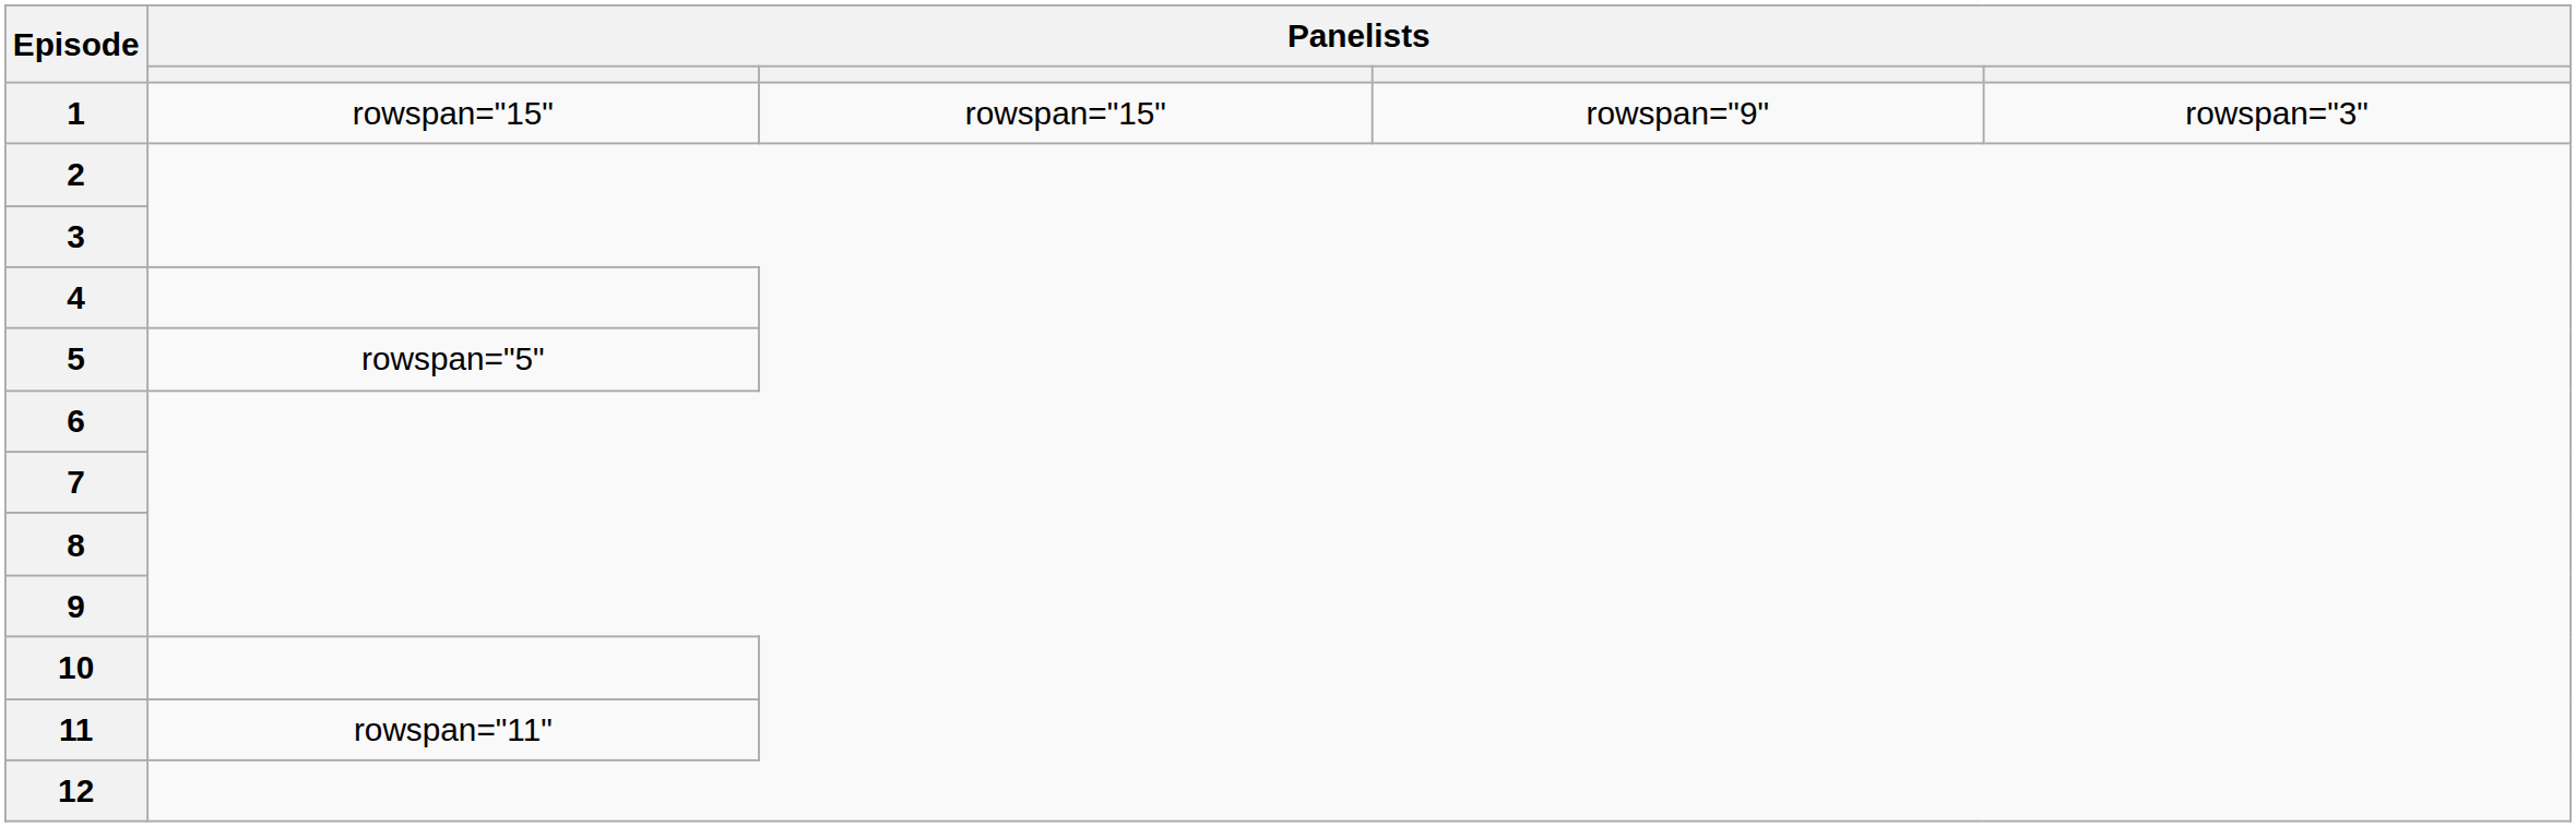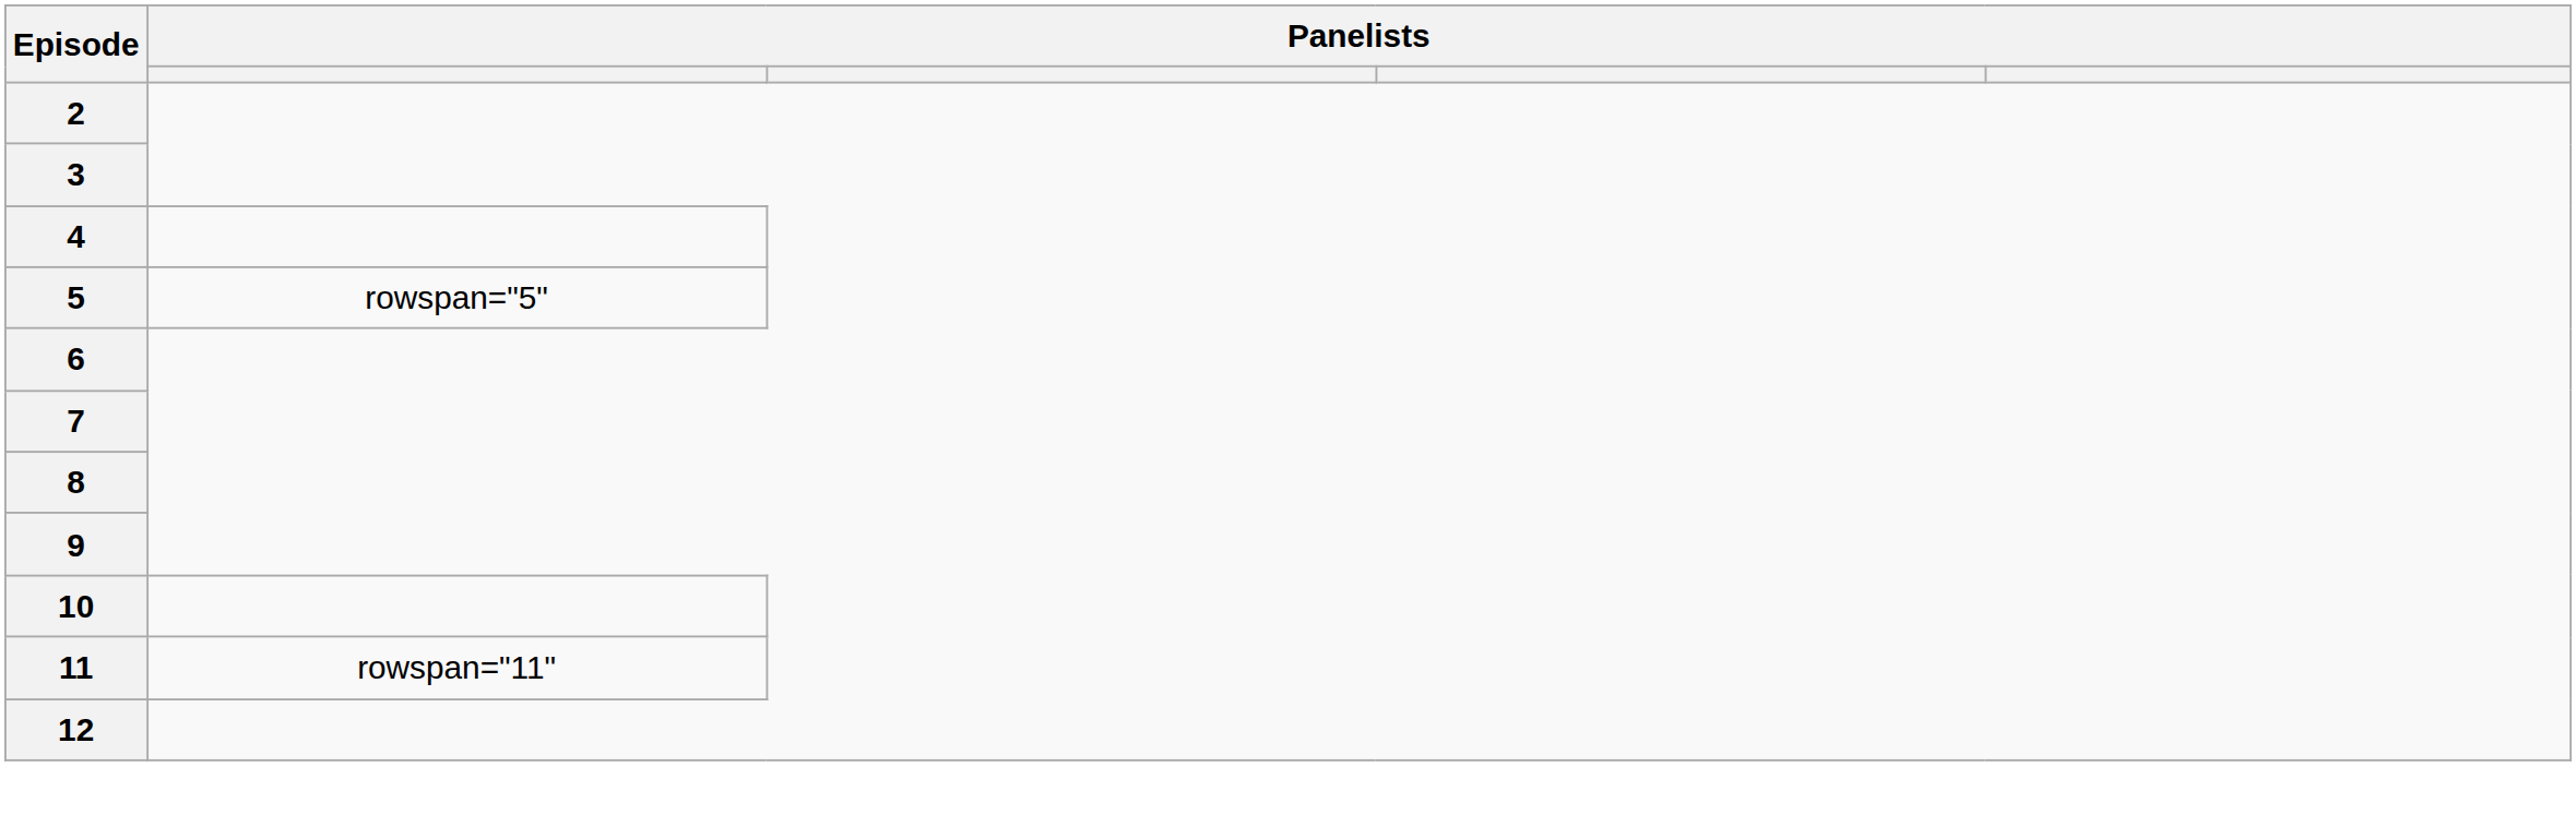 <table class="wikitable plainrowheaders mw-collapsible" style="text-align:center; line-height:23px; width:100%;">
 <tr>
 <th rowspan="2" width="1%">Episode</th>
 <th colspan="4">Panelists</th>
 </tr>
 <tr>
 <th width="25%"></th>
 <th width="25%"></th>
 <th width="25%"></th>
 <th width="25%"></th>
-</tr>
-<tr>
-<th>1</th>
-<td>rowspan="15" </td>
-<td>rowspan="15" </td>
-<td>rowspan="9" </td>
-<td>rowspan="3" </td>
 </tr>
 <tr>
 <th>2</th>
 </tr>
 <tr>
 <th>3</th>
 </tr>
 <tr>
 <th>4</th>
 <td></td>
 </tr>
 <tr>
 <th>5</th>
 <td>rowspan="5" </td>
 </tr>
 <tr>
 <th>6</th>
 </tr>
 <tr>
 <th>7</th>
 </tr>
 <tr>
 <th>8</th>
 </tr>
 <tr>
 <th>9</th>
 </tr>
 <tr>
 <th>10</th>
 <td></td>
 </tr>
 <tr>
 <th>11</th>
 <td>rowspan="11" </td>
 </tr>
 <tr>
 <th>12</th>
 </tr>
 </table>
